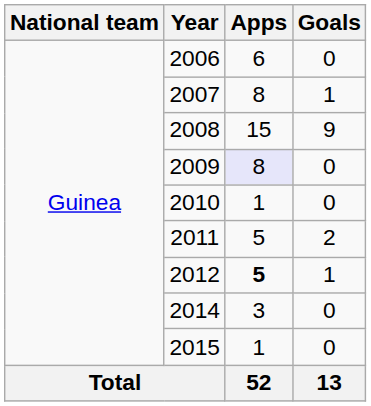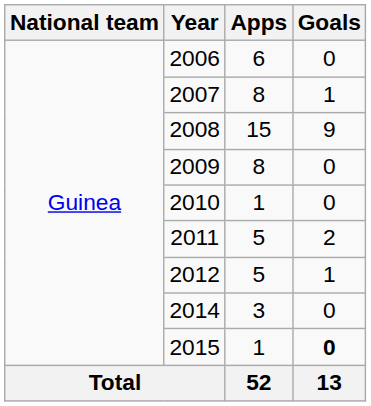 <table class="wikitable" style="text-align:center">
 <tr>
 <th>National team</th>
 <th>Year</th>
 <th>Apps</th>
 <th>Goals</th>
 </tr>
 <tr>
 <td rowspan="9"><a href='#'>Guinea</a></td>
 <td>2006</td>
 <td>6</td>
 <td>0</td>
 </tr>
 <tr>
 <td>2007</td>
 <td>8</td>
 <td>1</td>
 </tr>
 <tr>
 <td>2008</td>
 <td>15</td>
 <td>9</td>
 </tr>
 <tr>
 <td>2009</td>
-<td style="background: lavender;">8</td>
+<td>8</td>
 <td>0</td>
 </tr>
 <tr>
 <td>2010</td>
 <td>1</td>
 <td>0</td>
 </tr>
 <tr>
 <td>2011</td>
 <td>5</td>
 <td>2</td>
 </tr>
 <tr>
 <td>2012</td>
-<td><strong>5</strong></td>
+<td>5</td>
 <td>1</td>
 </tr>
 <tr>
 <td>2014</td>
 <td>3</td>
 <td>0</td>
 </tr>
 <tr>
 <td>2015</td>
 <td>1</td>
-<td>0</td>
+<td><strong>0</strong></td>
 </tr>
 <tr>
 <th colspan="2">Total</th>
 <th>52</th>
 <th>13</th>
 </tr>
 </table>
